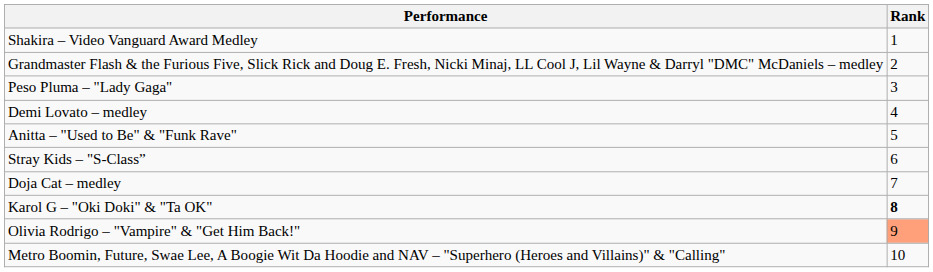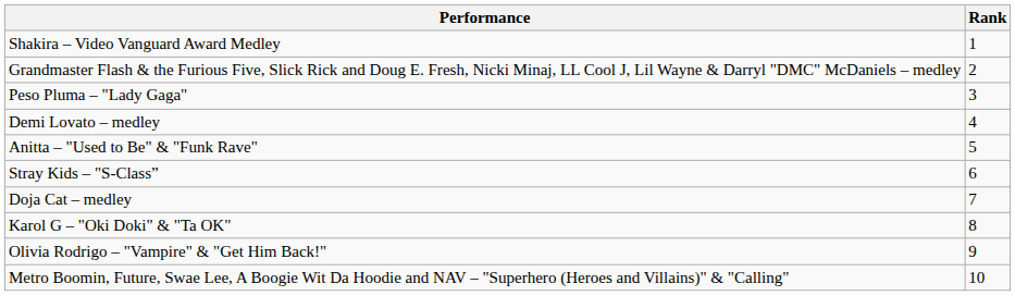 <table class="wikitable sortable">
 <tr>
 <th scope="col">Performance</th>
 <th scope="col">Rank</th>
 </tr>
 <tr>
 <td>Shakira – Video Vanguard Award Medley</td>
 <td>1</td>
 </tr>
 <tr>
 <td>Grandmaster Flash & the Furious Five, Slick Rick and Doug E. Fresh, Nicki Minaj, LL Cool J, Lil Wayne & Darryl "DMC" McDaniels – medley</td>
 <td>2</td>
 </tr>
 <tr>
 <td>Peso Pluma – "Lady Gaga"</td>
 <td>3</td>
 </tr>
 <tr>
 <td>Demi Lovato – medley</td>
 <td>4</td>
 </tr>
 <tr>
 <td>Anitta – "Used to Be" & "Funk Rave"</td>
 <td>5</td>
 </tr>
 <tr>
 <td>Stray Kids – "S-Class”</td>
 <td>6</td>
 </tr>
 <tr>
 <td>Doja Cat – medley</td>
 <td>7</td>
 </tr>
 <tr>
 <td>Karol G – "Oki Doki" & "Ta OK"</td>
-<td><strong>8</strong></td>
+<td>8</td>
 </tr>
 <tr>
 <td>Olivia Rodrigo – "Vampire" & "Get Him Back!"</td>
-<td style="background: lightsalmon;">9</td>
+<td>9</td>
 </tr>
 <tr>
 <td>Metro Boomin, Future, Swae Lee, A Boogie Wit Da Hoodie and NAV – "Superhero (Heroes and Villains)" & "Calling"</td>
 <td>10</td>
 </tr>
 </table>
